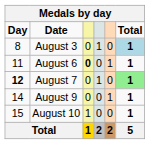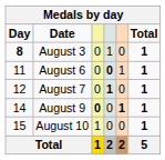 <table class=wikitable style="font-size:85%; float:right;text-align:center">
 <tr>
 <th colspan=7><strong>Medals by day</strong></th>
 </tr>
 <tr>
 <td><strong>Day</strong></td>
 <td><strong>Date</strong></td>
 <td bgcolor=F7F6A8></td>
 <td bgcolor=DCE5E5></td>
 <td bgcolor=FFDAB9></td>
 <td><strong>Total</strong></td>
 </tr>
 <tr>
-<td>8</td>
+<td><strong>8</strong></td>
 <td>August 3</td>
 <td bgcolor=F7F6A8>0</td>
 <td bgcolor=DCE5E5>1</td>
 <td bgcolor=FFDAB9>0</td>
-<td style="background: lightblue;"><strong>1</strong></td>
+<td><strong>1</strong></td>
 </tr>
 <tr>
 <td>11</td>
 <td>August 6</td>
-<td bgcolor=F7F6A8><strong>0</strong></td>
-<td bgcolor=DCE5E5>0</td>
+<td bgcolor=F7F6A8>0</td>
+<td bgcolor=DCE5E5><strong>0</strong></td>
 <td bgcolor=FFDAB9>1</td>
 <td><strong>1</strong></td>
 </tr>
 <tr>
-<td><strong>12</strong></td>
+<td>12</td>
 <td>August 7</td>
 <td bgcolor=F7F6A8>0</td>
-<td bgcolor=DCE5E5>1</td>
+<td bgcolor=DCE5E5><strong>1</strong></td>
 <td bgcolor=FFDAB9>0</td>
-<td style="background: lightgreen;"><strong>1</strong></td>
+<td><strong>1</strong></td>
 </tr>
 <tr>
 <td>14</td>
 <td>August 9</td>
-<td bgcolor=F7F6A8>0</td>
+<td bgcolor=F7F6A8><strong>0</strong></td>
 <td bgcolor=DCE5E5>0</td>
-<td bgcolor=FFDAB9>1</td>
+<td bgcolor=FFDAB9><strong>1</strong></td>
 <td><strong>1</strong></td>
 </tr>
 <tr>
 <td>15</td>
 <td>August 10</td>
 <td bgcolor=F7F6A8>1</td>
 <td bgcolor=DCE5E5>0</td>
 <td bgcolor=FFDAB9>0</td>
 <td><strong>1</strong></td>
 </tr>
 <tr>
 <th colspan=2><strong>Total</strong></th>
 <th style=background:gold><strong>1</strong></th>
 <th style=background:silver><strong>2</strong></th>
 <th style=background:#C96><strong>2</strong></th>
 <th><strong>5</strong></th>
 </tr>
 </table>
